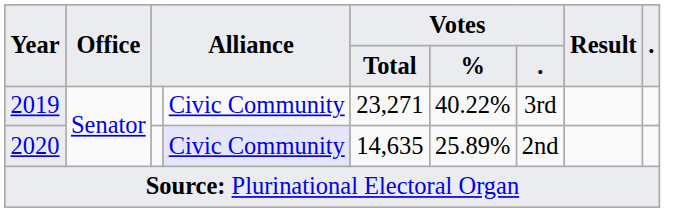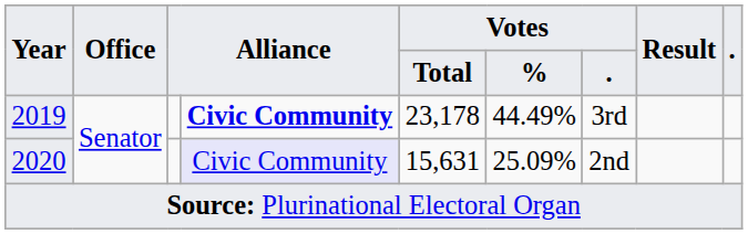 <table class="wikitable" style="font-size:90%; text-align:center;">
 <tr>
 <th style="background-color:#EAECF0;" rowspan=2>Year</th>
 <th style="background-color:#EAECF0;" rowspan=2>Office</th>
 <th style="background-color:#EAECF0;" colspan=2 rowspan=2>Alliance</th>
 <th style="background-color:#EAECF0;" colspan=3>Votes</th>
 <th style="background-color:#EAECF0;" rowspan=2>Result</th>
 <th style="background-color:#EAECF0;" rowspan=2>.</th>
 </tr>
 <tr>
 <th style="background-color:#EAECF0;">Total</th>
 <th style="background-color:#EAECF0;">%</th>
 <th style="background-color:#EAECF0;">.</th>
 </tr>
 <tr>
 <td style="background-color:#EAECF0;"><a href='#'>2019</a></td>
 <td rowspan=2><a href='#'>Senator</a></td>
 <td style="background-color:"></td>
-<td><a href='#'>Civic Community</a></td>
-<td>23,271</td>
-<td>40.22%</td>
+<td><strong><a href='#'>Civic Community</a></strong></td>
+<td>23,178</td>
+<td>44.49%</td>
 <td>3rd</td>
 <td></td>
 <td></td>
 </tr>
 <tr>
 <td style="background-color:#EAECF0;"><a href='#'>2020</a></td>
 <td style="background-color:"></td>
 <td style="background: lavender;"><a href='#'>Civic Community</a></td>
-<td>14,635</td>
-<td>25.89%</td>
+<td>15,631</td>
+<td>25.09%</td>
 <td>2nd</td>
 <td></td>
 <td></td>
 </tr>
 <tr>
 <td style="background-color:#EAECF0;" colspan=9><strong>Source:</strong> <a href='#'>Plurinational Electoral Organ</a>  </td>
 </tr>
 </table>
